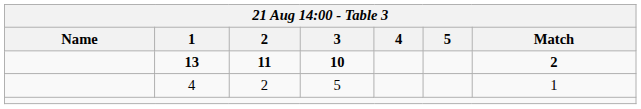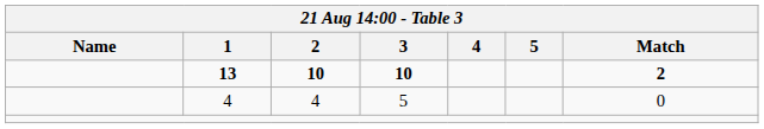 <table class=wikitable style="text-align:center; width: 55%">
 <tr>
 <th colspan=17><em>21 Aug 14:00 - Table 3</em></th>
 </tr>
 <tr>
 <th>Name</th>
 <th>1</th>
 <th>2</th>
 <th>3</th>
 <th>4</th>
 <th>5</th>
 <th>Match</th>
 </tr>
 <tr>
 <td style="text-align:left;"><strong></strong></td>
 <td><strong>13</strong></td>
-<td><strong>11</strong></td>
+<td><strong>10</strong></td>
 <td><strong>10</strong></td>
 <td></td>
 <td></td>
 <td><strong>2</strong></td>
 </tr>
 <tr>
 <td style="text-align:left;"></td>
 <td>4</td>
-<td>2</td>
+<td>4</td>
 <td>5</td>
 <td></td>
 <td></td>
-<td>1</td>
+<td>0</td>
 </tr>
 <tr>
 <td colspan=17></td>
 </tr>
 </table>
